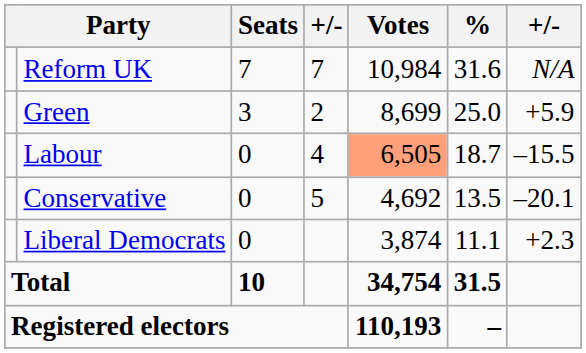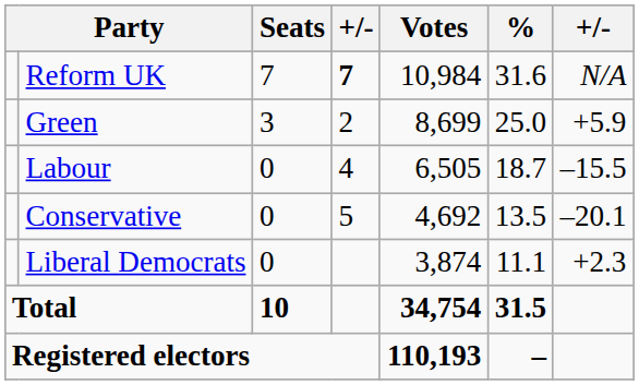 <table class="wikitable sortable">
 <tr>
 <th colspan="2">Party</th>
 <th>Seats</th>
 <th>+/-</th>
 <th>Votes</th>
 <th>%</th>
 <th>+/-</th>
 </tr>
 <tr>
 <td style="background-color: "></td>
 <td><a href='#'>Reform UK</a></td>
 <td>7</td>
-<td> 7</td>
+<td><strong> 7</strong></td>
 <td style="text-align:right;">10,984</td>
 <td style="text-align:right;">31.6</td>
 <td style="text-align:right;"><em>N/A</em></td>
 </tr>
 <tr>
 <td style="background-color: "></td>
 <td><a href='#'>Green</a></td>
 <td>3</td>
 <td> 2</td>
 <td style="text-align:right;">8,699</td>
 <td style="text-align:right;">25.0</td>
 <td style="text-align:right;">+5.9</td>
 </tr>
 <tr>
 <td style="background-color: "></td>
 <td><a href='#'>Labour</a></td>
 <td>0</td>
 <td> 4</td>
-<td style="background: lightsalmon; text-align:right;">6,505</td>
+<td style="text-align:right;">6,505</td>
 <td style="text-align:right;">18.7</td>
 <td style="text-align:right;">–15.5</td>
 </tr>
 <tr>
 <td style="background-color: "></td>
 <td><a href='#'>Conservative</a></td>
 <td>0</td>
 <td> 5</td>
 <td style="text-align:right;">4,692</td>
 <td style="text-align:right;">13.5</td>
 <td style="text-align:right;">–20.1</td>
 </tr>
 <tr>
 <td style="background-color: "></td>
 <td><a href='#'>Liberal Democrats</a></td>
 <td>0</td>
 <td></td>
 <td style="text-align:right;">3,874</td>
 <td style="text-align:right;">11.1</td>
 <td style="text-align:right;">+2.3</td>
 </tr>
 <tr>
 <td colspan="2"><strong>Total</strong></td>
 <td><strong>10</strong></td>
 <td></td>
 <td style="text-align:right;"><strong>34,754</strong></td>
 <td style="text-align:right;"><strong>31.5</strong></td>
 <td style="text-align:right;"></td>
 </tr>
 <tr>
 <td colspan="4"><strong>Registered electors</strong></td>
 <td style="text-align:right;"><strong>110,193</strong></td>
 <td style="text-align:right;"><strong>–</strong></td>
 <td style="text-align:right;"></td>
 </tr>
 </table>
